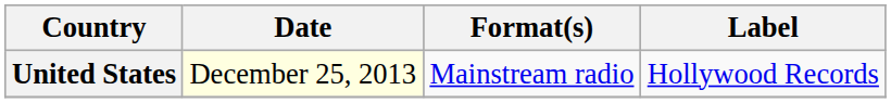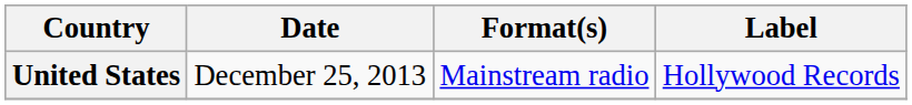 <table class="wikitable plainrowheaders">
 <tr>
 <th scope="col">Country</th>
 <th scope="col">Date</th>
 <th scope="col">Format(s)</th>
 <th scope="col">Label</th>
 </tr>
 <tr>
 <th scope="row">United States</th>
-<td style="background: lightyellow;">December 25, 2013</td>
+<td>December 25, 2013</td>
 <td><a href='#'>Mainstream radio</a></td>
 <td><a href='#'>Hollywood Records</a></td>
 </tr>
 <tr>
 </tr>
 </table>
